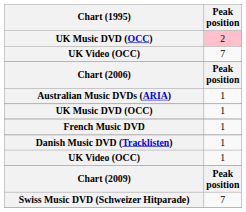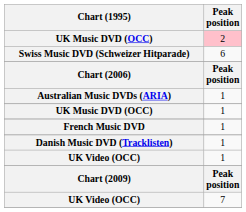 <table class="wikitable sortable plainrowheaders" style="text-align:center;">
 <tr>
 <th style="width:20em;">Chart (1995)</th>
 <th>Peak<br>position</th>
 </tr>
 <tr>
 <th scope="row">UK Music DVD (<a href='#'>OCC</a>)</th>
 <td style="background: pink;">2</td>
 </tr>
 <tr>
-<th scope="row">UK Video (OCC)</th>
-<td>7</td>
+<th scope="row">Swiss Music DVD (Schweizer Hitparade)</th>
+<td>6</td>
 </tr>
 <tr>
 </tr>
 <tr>
 <th style="width:20em;">Chart (2006)</th>
 <th>Peak<br>position</th>
 </tr>
 <tr>
 <th scope="row">Australian Music DVDs (<a href='#'>ARIA</a>)</th>
 <td>1</td>
 </tr>
 <tr>
 </tr>
 <tr>
 </tr>
 <tr>
 </tr>
 <tr>
 <th scope="row">UK Music DVD (OCC)</th>
 <td>1</td>
 </tr>
 <tr>
 </tr>
 <tr>
 <th scope="row">French Music DVD</th>
 <td>1</td>
 </tr>
 <tr>
 </tr>
 <tr>
 </tr>
 <tr>
 </tr>
 <tr>
 </tr>
 <tr>
 <th scope="row">Danish Music DVD (<a href='#'>Tracklisten</a>)</th>
 <td>1</td>
 </tr>
 <tr>
 <th scope="row">UK Video (OCC)</th>
 <td>1</td>
 </tr>
 <tr>
 </tr>
 <tr>
 <th style="width:20em;">Chart (2009)</th>
 <th>Peak<br>position</th>
 </tr>
 <tr>
-<th scope="row">Swiss Music DVD (Schweizer Hitparade)</th>
+<th scope="row">UK Video (OCC)</th>
 <td>7</td>
 </tr>
 <tr>
 </tr>
 </table>
